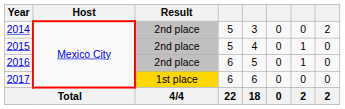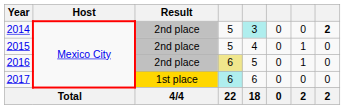 <table class="wikitable" style="text-align:center">
 <tr>
 <th width=30>Year</th>
 <th width=150>Host</th>
 <th width=120>Result</th>
 <th width=30></th>
 <th width=30></th>
 <th width=30></th>
 <th width=30></th>
 <th width=30></th>
 </tr>
 <tr>
 <td><a href='#'>2014</a></td>
 <td rowspan=4 style="border: 3px solid red;"> <a href='#'>Mexico City</a></td>
 <td bgcolor="c0c0c0"> 2nd place</td>
 <td>5</td>
-<td>3</td>
+<td style="background: paleturquoise;">3</td>
 <td>0</td>
 <td>0</td>
-<td>2</td>
+<td><strong>2</strong></td>
 </tr>
 <tr>
 <td><a href='#'>2015</a></td>
 <td bgcolor="c0c0c0"> 2nd place</td>
 <td>5</td>
 <td>4</td>
 <td>0</td>
 <td>1</td>
 <td>0</td>
 </tr>
 <tr>
 <td><a href='#'>2016</a></td>
 <td bgcolor="c0c0c0"> 2nd place</td>
-<td>6</td>
+<td style="background: khaki;">6</td>
 <td>5</td>
 <td>0</td>
 <td>1</td>
 <td>0</td>
 </tr>
 <tr>
 <td><a href='#'>2017</a></td>
 <td bgcolor="ffd700"> 1st place</td>
-<td>6</td>
+<td style="background: paleturquoise;">6</td>
 <td>6</td>
 <td>0</td>
 <td>0</td>
 <td>0</td>
 </tr>
 <tr>
 <th colspan=2>Total</th>
 <th>4/4</th>
 <th>22</th>
 <th>18</th>
 <th>0</th>
 <th>2</th>
 <th>2</th>
 </tr>
 </table>
